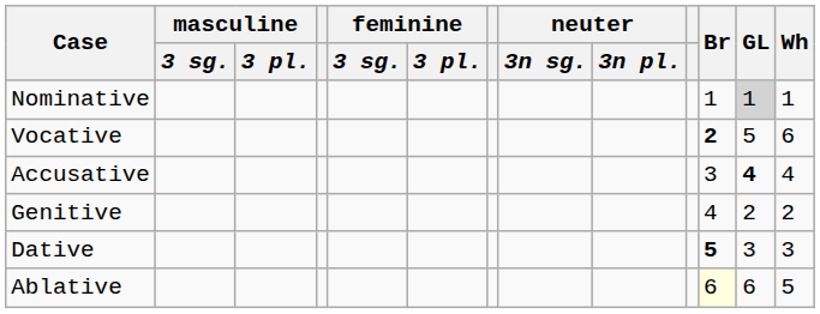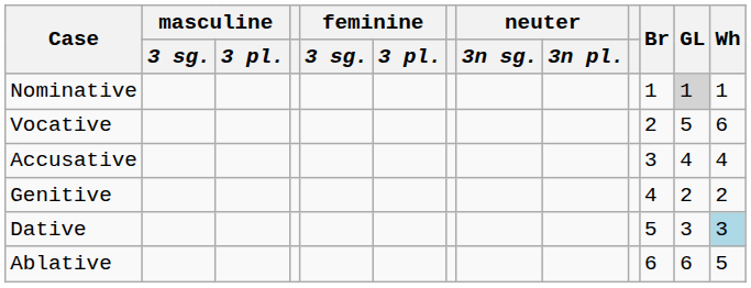 <table class="wikitable sortable">
 <tr>
 <th rowspan="2">Case</th>
 <th colspan="2">masculine</th>
 <th></th>
 <th colspan="2">feminine</th>
 <th></th>
 <th colspan="2">neuter</th>
 <th></th>
 <th rowspan="2">Br</th>
 <th rowspan="2">GL</th>
 <th rowspan="2">Wh</th>
 </tr>
 <tr>
 <th class="unsortable"><em>3 sg.</em></th>
 <th class="unsortable"><em>3 pl.</em></th>
 <th class="unsortable"></th>
 <th class="unsortable"><em>3 sg.</em></th>
 <th class="unsortable"><em>3 pl.</em></th>
 <th class="unsortable"></th>
 <th class="unsortable"><em>3n sg.</em></th>
 <th class="unsortable"><em>3n pl.</em></th>
 <th class="unsortable"></th>
 </tr>
 <tr>
 <td>Nominative</td>
 <td><strong></strong></td>
 <td><strong></strong></td>
 <td></td>
 <td><strong></strong></td>
 <td><strong></strong></td>
 <td></td>
 <td><strong></strong></td>
 <td><strong></strong></td>
 <td></td>
 <td>1</td>
 <td style="background: lightgrey;">1</td>
 <td>1</td>
 </tr>
 <tr>
 <td>Vocative</td>
 <td><strong></strong></td>
 <td><strong></strong></td>
 <td></td>
 <td><strong></strong></td>
 <td><strong></strong></td>
 <td></td>
 <td><strong></strong></td>
 <td><strong></strong></td>
 <td></td>
-<td><strong>2</strong></td>
+<td>2</td>
 <td>5</td>
 <td>6</td>
 </tr>
 <tr>
 <td>Accusative</td>
 <td><strong></strong></td>
 <td><strong></strong></td>
 <td></td>
 <td><strong></strong></td>
 <td><strong></strong></td>
 <td></td>
 <td><strong></strong></td>
 <td><strong></strong></td>
 <td></td>
 <td>3</td>
-<td><strong>4</strong></td>
+<td>4</td>
 <td>4</td>
 </tr>
 <tr>
 <td>Genitive</td>
 <td><strong></strong></td>
 <td><strong></strong></td>
 <td></td>
 <td><strong></strong></td>
 <td><strong></strong></td>
 <td></td>
 <td><strong></strong></td>
 <td><strong></strong></td>
 <td></td>
 <td>4</td>
 <td>2</td>
 <td>2</td>
 </tr>
 <tr>
 <td>Dative</td>
 <td><strong></strong></td>
 <td><strong></strong></td>
 <td></td>
 <td><strong></strong></td>
 <td><strong></strong></td>
 <td></td>
 <td><strong></strong></td>
 <td><strong></strong></td>
 <td></td>
-<td><strong>5</strong></td>
+<td>5</td>
 <td>3</td>
-<td>3</td>
+<td style="background: lightblue;">3</td>
 </tr>
 <tr>
 <td>Ablative</td>
 <td><strong></strong></td>
 <td><strong></strong></td>
 <td></td>
 <td><strong></strong></td>
 <td><strong></strong></td>
 <td></td>
 <td><strong></strong></td>
 <td><strong></strong></td>
 <td></td>
-<td style="background: lightyellow;">6</td>
+<td>6</td>
 <td>6</td>
 <td>5</td>
 </tr>
 </table>
